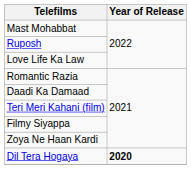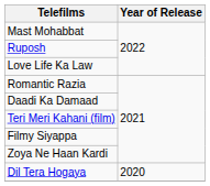 <table class="wikitable sortable">
 <tr>
 <th>Telefilms</th>
 <th>Year of Release</th>
 </tr>
 <tr>
 <td>Mast Mohabbat</td>
 <td rowspan="3">2022</td>
 </tr>
 <tr>
 <td><a href='#'>Ruposh</a></td>
 </tr>
 <tr>
 <td>Love Life Ka Law</td>
 </tr>
 <tr>
 <td>Romantic Razia</td>
 <td rowspan="5">2021</td>
 </tr>
 <tr>
 <td>Daadi Ka Damaad </td>
 </tr>
 <tr>
 <td><a href='#'>Teri Meri Kahani (film)</a></td>
 </tr>
 <tr>
 <td>Filmy Siyappa </td>
 </tr>
 <tr>
 <td>Zoya Ne Haan Kardi </td>
 </tr>
 <tr>
 <td><a href='#'>Dil Tera Hogaya</a></td>
-<td><strong>2020</strong></td>
+<td>2020</td>
 </tr>
 <tr>
 </tr>
 </table>
